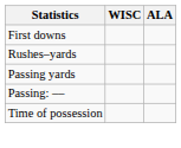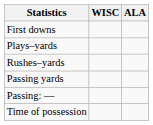 <table class="wikitable" style="float:left">
 <tr>
 <th>Statistics</th>
 <th>WISC</th>
 <th>ALA</th>
 </tr>
 <tr>
 <td>First downs</td>
+<td></td>
+<td></td>
+</tr>
+<tr>
+<td>Plays–yards</td>
 <td></td>
 <td></td>
 </tr>
 <tr>
 <td>Rushes–yards</td>
 <td></td>
 <td></td>
 </tr>
 <tr>
 <td>Passing yards</td>
 <td></td>
 <td></td>
 </tr>
 <tr>
 <td>Passing: ––</td>
 <td></td>
 <td></td>
 </tr>
 <tr>
 <td>Time of possession</td>
 <td></td>
 <td></td>
 </tr>
 </table>
